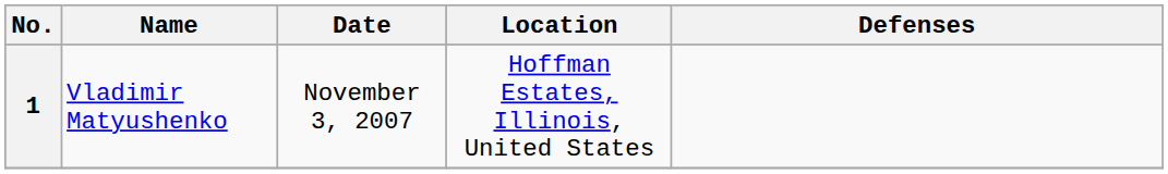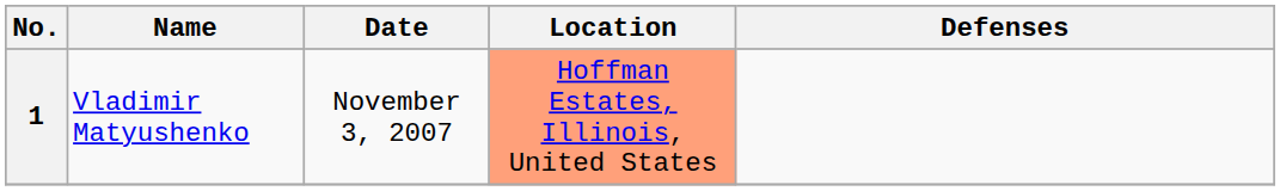 <table class="wikitable" width="99%" style="text-align:center;">
 <tr>
 <th width=1%>No.</th>
 <th width=19%>Name</th>
 <th width=15%>Date</th>
 <th width=20%>Location</th>
 <th width=45%>Defenses</th>
 </tr>
 <tr>
 <th>1</th>
 <td align="left"> <a href='#'>Vladimir Matyushenko</a><br></td>
 <td>November 3, 2007</td>
-<td><a href='#'>Hoffman Estates, Illinois</a>, United States</td>
+<td style="background: lightsalmon;"><a href='#'>Hoffman Estates, Illinois</a>, United States</td>
 <td align="left"><br></td>
 </tr>
 <tr>
 </tr>
 </table>
